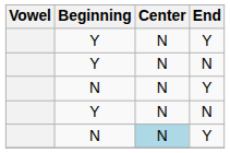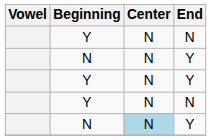 <table class="wikitable" style="margin: 1em auto 1em auto; text-align: center;">
 <tr>
 <th colspan=1>Vowel</th>
 <th>Beginning</th>
 <th>Center</th>
 <th>End</th>
 </tr>
 <tr>
 <th></th>
 <td>Y</td>
 <td>N</td>
+<td>N</td>
+</tr>
+<tr>
+<th></th>
+<td>N</td>
+<td>N</td>
 <td>Y</td>
 </tr>
 <tr>
 <th></th>
 <td>Y</td>
-<td>N</td>
-<td>N</td>
-</tr>
-<tr>
-<th></th>
-<td>N</td>
 <td>N</td>
 <td>Y</td>
 </tr>
 <tr>
 <th></th>
 <td>Y</td>
 <td>N</td>
 <td>N</td>
 </tr>
 <tr>
 <th></th>
 <td>N</td>
 <td style="background: lightblue;">N</td>
 <td>Y</td>
 </tr>
 <tr>
 </tr>
 </table>
